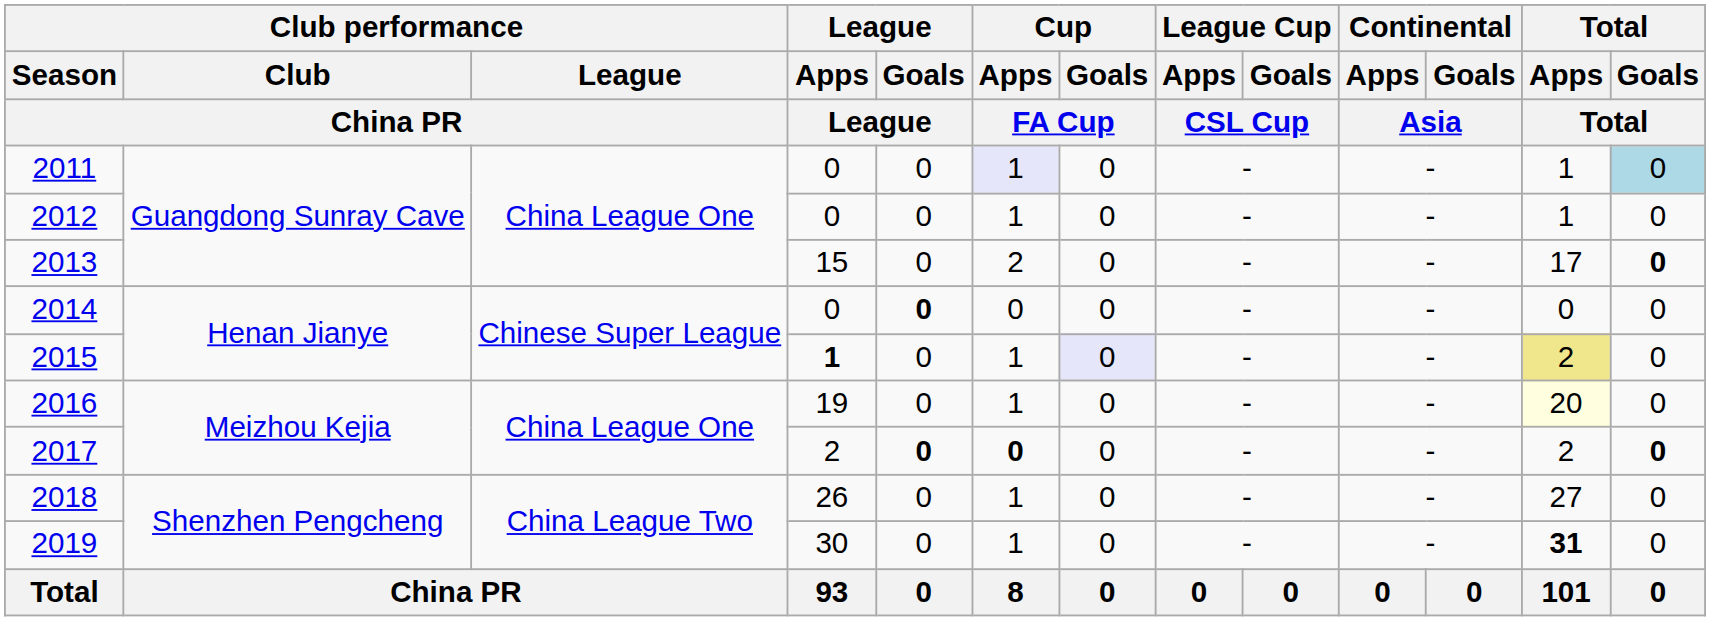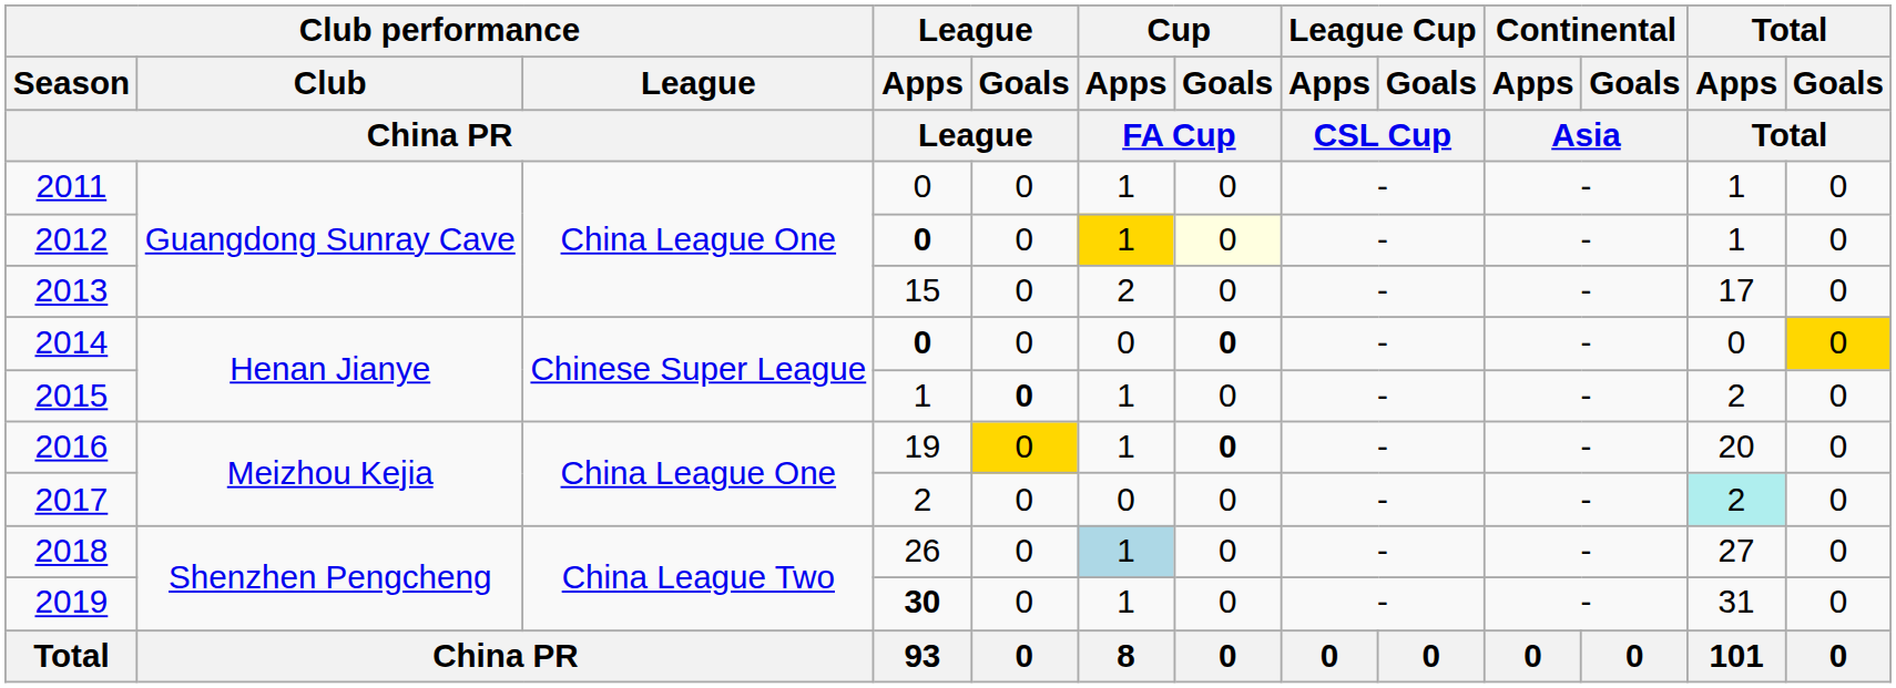 <table class="wikitable" style="text-align:center">
 <tr>
 <th colspan=3>Club performance</th>
 <th colspan=2>League</th>
 <th colspan=2>Cup</th>
 <th colspan=2>League Cup</th>
 <th colspan=2>Continental</th>
 <th colspan=2>Total</th>
 </tr>
 <tr>
 <th>Season</th>
 <th>Club</th>
 <th>League</th>
 <th>Apps</th>
 <th>Goals</th>
 <th>Apps</th>
 <th>Goals</th>
 <th>Apps</th>
 <th>Goals</th>
 <th>Apps</th>
 <th>Goals</th>
 <th>Apps</th>
 <th>Goals</th>
 </tr>
 <tr>
 <th colspan=3>China PR</th>
 <th colspan=2>League</th>
 <th colspan=2><a href='#'>FA Cup</a></th>
 <th colspan=2><a href='#'>CSL Cup</a></th>
 <th colspan=2><a href='#'>Asia</a></th>
 <th colspan=2>Total</th>
 </tr>
 <tr>
 <td><a href='#'>2011</a></td>
 <td rowspan="3"><a href='#'>Guangdong Sunray Cave</a></td>
 <td rowspan="3"><a href='#'>China League One</a></td>
 <td>0</td>
 <td>0</td>
-<td style="background: lavender;">1</td>
+<td>1</td>
 <td>0</td>
 <td colspan="2">-</td>
 <td colspan="2">-</td>
 <td>1</td>
-<td style="background: lightblue;">0</td>
+<td>0</td>
 </tr>
 <tr>
 <td><a href='#'>2012</a></td>
+<td><strong>0</strong></td>
 <td>0</td>
-<td>0</td>
-<td>1</td>
-<td>0</td>
+<td style="background: gold;">1</td>
+<td style="background: lightyellow;">0</td>
 <td colspan="2">-</td>
 <td colspan="2">-</td>
 <td>1</td>
 <td>0</td>
 </tr>
 <tr>
 <td><a href='#'>2013</a></td>
 <td>15</td>
 <td>0</td>
 <td>2</td>
 <td>0</td>
 <td colspan="2">-</td>
 <td colspan="2">-</td>
 <td>17</td>
-<td><strong>0</strong></td>
+<td>0</td>
 </tr>
 <tr>
 <td><a href='#'>2014</a></td>
 <td rowspan="2"><a href='#'>Henan Jianye</a></td>
 <td rowspan="2"><a href='#'>Chinese Super League</a></td>
-<td>0</td>
 <td><strong>0</strong></td>
 <td>0</td>
 <td>0</td>
+<td><strong>0</strong></td>
 <td colspan="2">-</td>
 <td colspan="2">-</td>
 <td>0</td>
-<td>0</td>
+<td style="background: gold;">0</td>
 </tr>
 <tr>
 <td><a href='#'>2015</a></td>
-<td><strong>1</strong></td>
+<td>1</td>
+<td><strong>0</strong></td>
+<td>1</td>
 <td>0</td>
-<td>1</td>
-<td style="background: lavender;">0</td>
 <td colspan="2">-</td>
 <td colspan="2">-</td>
-<td style="background: khaki;">2</td>
+<td>2</td>
 <td>0</td>
 </tr>
 <tr>
 <td><a href='#'>2016</a></td>
 <td rowspan="2"><a href='#'>Meizhou Kejia</a></td>
 <td rowspan="2"><a href='#'>China League One</a></td>
 <td>19</td>
-<td>0</td>
+<td style="background: gold;">0</td>
 <td>1</td>
-<td>0</td>
+<td><strong>0</strong></td>
 <td colspan="2">-</td>
 <td colspan="2">-</td>
-<td style="background: lightyellow;">20</td>
+<td>20</td>
 <td>0</td>
 </tr>
 <tr>
 <td><a href='#'>2017</a></td>
 <td>2</td>
-<td><strong>0</strong></td>
-<td><strong>0</strong></td>
+<td>0</td>
+<td>0</td>
 <td>0</td>
 <td colspan="2">-</td>
 <td colspan="2">-</td>
-<td>2</td>
-<td><strong>0</strong></td>
+<td style="background: paleturquoise;">2</td>
+<td>0</td>
 </tr>
 <tr>
 <td><a href='#'>2018</a></td>
 <td rowspan="2"><a href='#'>Shenzhen Pengcheng</a></td>
 <td rowspan="2"><a href='#'>China League Two</a></td>
 <td>26</td>
 <td>0</td>
-<td>1</td>
+<td style="background: lightblue;">1</td>
 <td>0</td>
 <td colspan="2">-</td>
 <td colspan="2">-</td>
 <td>27</td>
 <td>0</td>
 </tr>
 <tr>
 <td><a href='#'>2019</a></td>
-<td>30</td>
+<td><strong>30</strong></td>
 <td>0</td>
 <td>1</td>
 <td>0</td>
 <td colspan="2">-</td>
 <td colspan="2">-</td>
-<td><strong>31</strong></td>
+<td>31</td>
 <td>0</td>
 </tr>
 <tr>
 <th rowspan=3>Total</th>
 <th colspan=2>China PR</th>
 <th>93</th>
 <th>0</th>
 <th>8</th>
 <th>0</th>
 <th>0</th>
 <th>0</th>
 <th>0</th>
 <th>0</th>
 <th>101</th>
 <th>0</th>
 </tr>
 </table>
